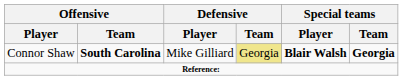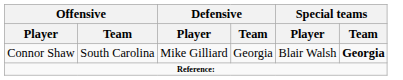 <table class="wikitable" border="1">
 <tr>
 <th colspan="2">Offensive</th>
 <th colspan="2">Defensive</th>
 <th colspan="2">Special teams</th>
 </tr>
 <tr>
 <th>Player</th>
 <th>Team</th>
 <th>Player</th>
 <th>Team</th>
 <th>Player</th>
 <th>Team</th>
 </tr>
 <tr>
 <td>Connor Shaw</td>
-<td><strong>South Carolina</strong></td>
+<td>South Carolina</td>
 <td>Mike Gilliard</td>
-<td style="background: khaki;">Georgia</td>
-<td><strong>Blair Walsh</strong></td>
+<td>Georgia</td>
+<td>Blair Walsh</td>
 <td><strong>Georgia</strong></td>
 </tr>
 <tr>
 <td colspan="6" style="font-size: 8pt" align="center"><strong>Reference:</strong></td>
 </tr>
 </table>
